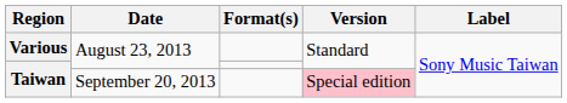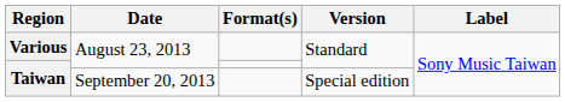 <table class="wikitable plainrowheaders">
 <tr>
 <th>Region</th>
 <th>Date</th>
 <th>Format(s)</th>
 <th>Version</th>
 <th>Label</th>
 </tr>
 <tr>
 <th scope="row">Various</th>
 <td rowspan="2">August 23, 2013</td>
 <td></td>
 <td rowspan="2">Standard</td>
 <td rowspan="3"><a href='#'>Sony Music Taiwan</a></td>
 </tr>
 <tr>
 <th rowspan="2" scope="row">Taiwan</th>
 <td></td>
 </tr>
 <tr>
 <td>September 20, 2013</td>
 <td></td>
-<td style="background: pink;">Special edition</td>
+<td>Special edition</td>
 </tr>
 </table>
